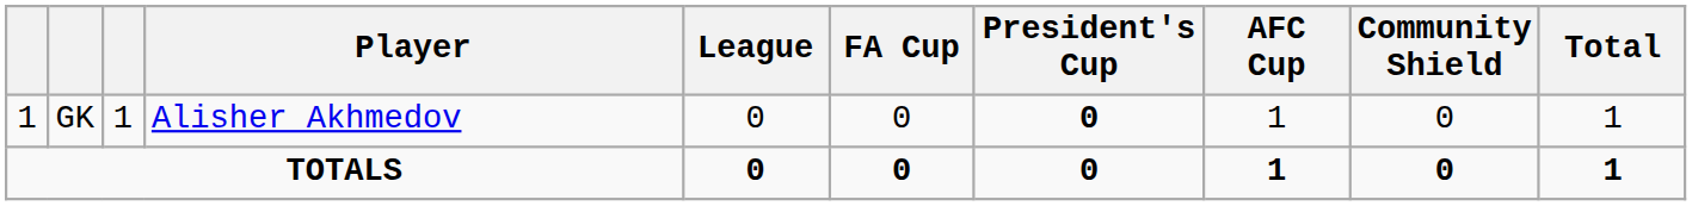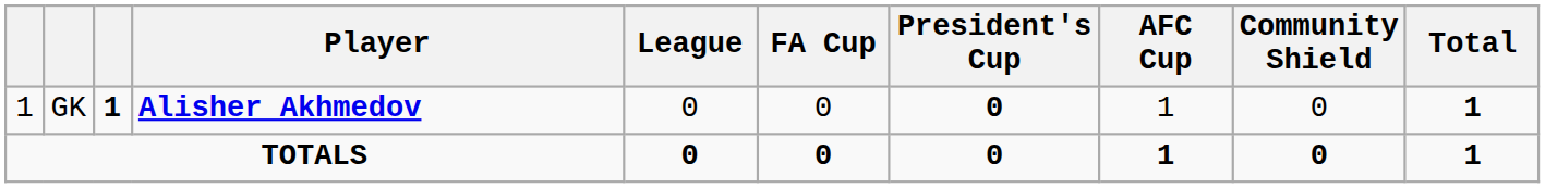 <table class="wikitable sortable" style="font-size: 95%; text-align: center">
 <tr>
 <th width=10></th>
 <th width=10></th>
 <th width=10></th>
 <th width=200>Player</th>
 <th width=50>League</th>
 <th width=50>FA Cup</th>
 <th width=50>President's Cup</th>
 <th width=50>AFC Cup</th>
 <th width=50>Community Shield</th>
 <th width=50>Total</th>
 </tr>
 <tr>
 <td rowspan="1">1</td>
 <td>GK</td>
-<td>1</td>
-<td align=left> <a href='#'>Alisher Akhmedov</a></td>
+<td><strong>1</strong></td>
+<td align=left><strong> <a href='#'>Alisher Akhmedov</a></strong></td>
 <td>0</td>
 <td>0</td>
 <td><strong>0</strong></td>
 <td>1</td>
 <td>0</td>
-<td>1</td>
+<td><strong>1</strong></td>
 </tr>
 <tr>
 <td colspan="4"><strong>TOTALS</strong></td>
 <td><strong>0</strong></td>
 <td><strong>0</strong></td>
 <td><strong>0</strong></td>
 <td><strong>1</strong></td>
 <td><strong>0</strong></td>
 <td><strong>1</strong></td>
 </tr>
 </table>
